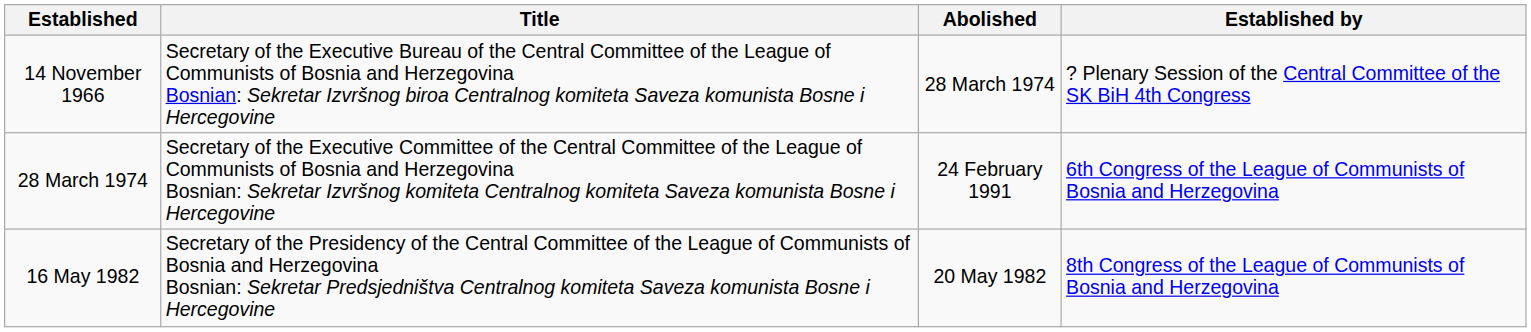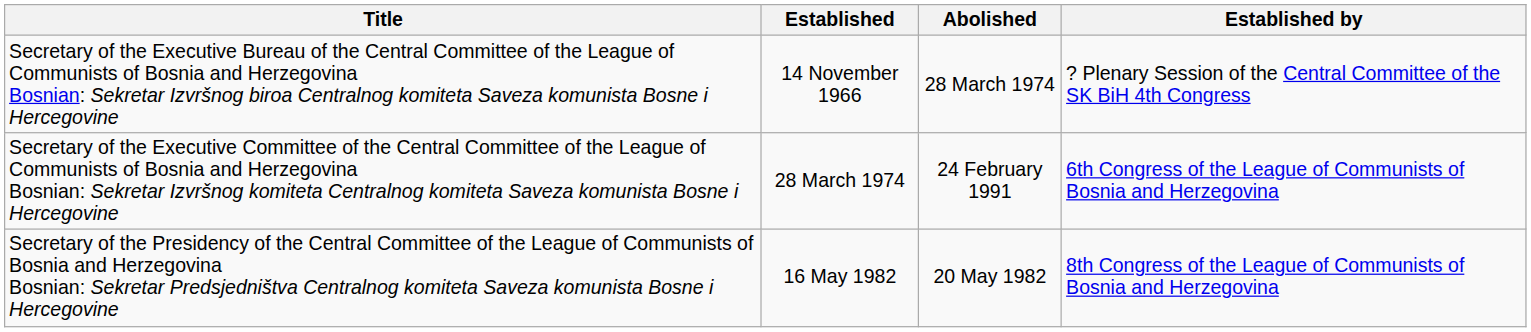 <table class="wikitable sortable">
 <tr>
+<th scope=col>Title</th>
 <th scope=col>Established</th>
-<th scope=col>Title</th>
 <th scope=col>Abolished</th>
 <th scope=col>Established by</th>
 </tr>
 <tr>
+<td>Secretary of the Executive Bureau of the Central Committee of the League of Communists of Bosnia and Herzegovina<br><a href='#'>Bosnian</a>: <em>Sekretar Izvršnog biroa Centralnog komiteta Saveza komunista Bosne i Hercegovine</em></td>
 <td align="center">14 November 1966</td>
-<td>Secretary of the Executive Bureau of the Central Committee of the League of Communists of Bosnia and Herzegovina<br><a href='#'>Bosnian</a>: <em>Sekretar Izvršnog biroa Centralnog komiteta Saveza komunista Bosne i Hercegovine</em></td>
 <td align="center">28 March 1974</td>
 <td>? Plenary Session of the <a href='#'>Central Committee of the SK BiH 4th Congress</a></td>
 </tr>
 <tr>
+<td>Secretary of the Executive Committee of the Central Committee of the League of Communists of Bosnia and Herzegovina<br>Bosnian: <em>Sekretar Izvršnog komiteta Centralnog komiteta Saveza komunista Bosne i Hercegovine</em></td>
 <td align="center">28 March 1974</td>
-<td>Secretary of the Executive Committee of the Central Committee of the League of Communists of Bosnia and Herzegovina<br>Bosnian: <em>Sekretar Izvršnog komiteta Centralnog komiteta Saveza komunista Bosne i Hercegovine</em></td>
 <td align="center">24 February 1991</td>
 <td><a href='#'>6th Congress of the League of Communists of Bosnia and Herzegovina</a></td>
 </tr>
 <tr>
+<td>Secretary of the Presidency of the Central Committee of the League of Communists of Bosnia and Herzegovina<br>Bosnian: <em>Sekretar Predsjedništva Centralnog komiteta Saveza komunista Bosne i Hercegovine</em></td>
 <td align="center">16 May 1982</td>
-<td>Secretary of the Presidency of the Central Committee of the League of Communists of Bosnia and Herzegovina<br>Bosnian: <em>Sekretar Predsjedništva Centralnog komiteta Saveza komunista Bosne i Hercegovine</em></td>
 <td align="center">20 May 1982</td>
 <td><a href='#'>8th Congress of the League of Communists of Bosnia and Herzegovina</a></td>
 </tr>
 </table>
